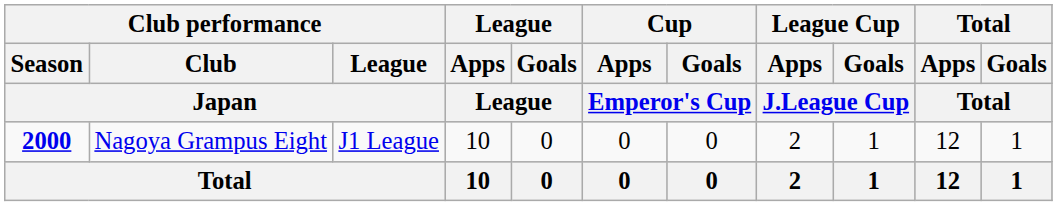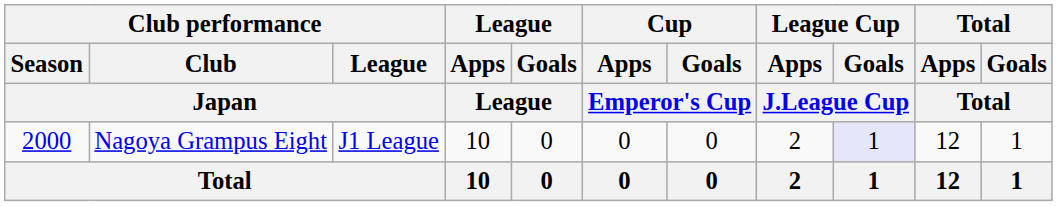 <table class="wikitable" style="text-align:center;">
 <tr>
 <th colspan=3>Club performance</th>
 <th colspan=2>League</th>
 <th colspan=2>Cup</th>
 <th colspan=2>League Cup</th>
 <th colspan=2>Total</th>
 </tr>
 <tr>
 <th>Season</th>
 <th>Club</th>
 <th>League</th>
 <th>Apps</th>
 <th>Goals</th>
 <th>Apps</th>
 <th>Goals</th>
 <th>Apps</th>
 <th>Goals</th>
 <th>Apps</th>
 <th>Goals</th>
 </tr>
 <tr>
 <th colspan=3>Japan</th>
 <th colspan=2>League</th>
 <th colspan=2><a href='#'>Emperor's Cup</a></th>
 <th colspan=2><a href='#'>J.League Cup</a></th>
 <th colspan=2>Total</th>
 </tr>
 <tr>
-<td><strong><a href='#'>2000</a></strong></td>
+<td><a href='#'>2000</a></td>
 <td><a href='#'>Nagoya Grampus Eight</a></td>
 <td><a href='#'>J1 League</a></td>
 <td>10</td>
 <td>0</td>
 <td>0</td>
 <td>0</td>
 <td>2</td>
-<td>1</td>
+<td style="background: lavender;">1</td>
 <td>12</td>
 <td>1</td>
 </tr>
 <tr>
 <th colspan=3>Total</th>
 <th>10</th>
 <th>0</th>
 <th>0</th>
 <th>0</th>
 <th>2</th>
 <th>1</th>
 <th>12</th>
 <th>1</th>
 </tr>
 </table>
